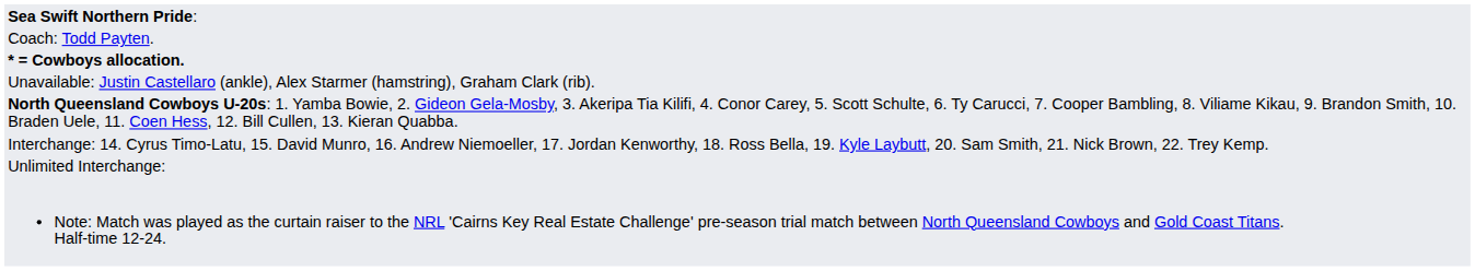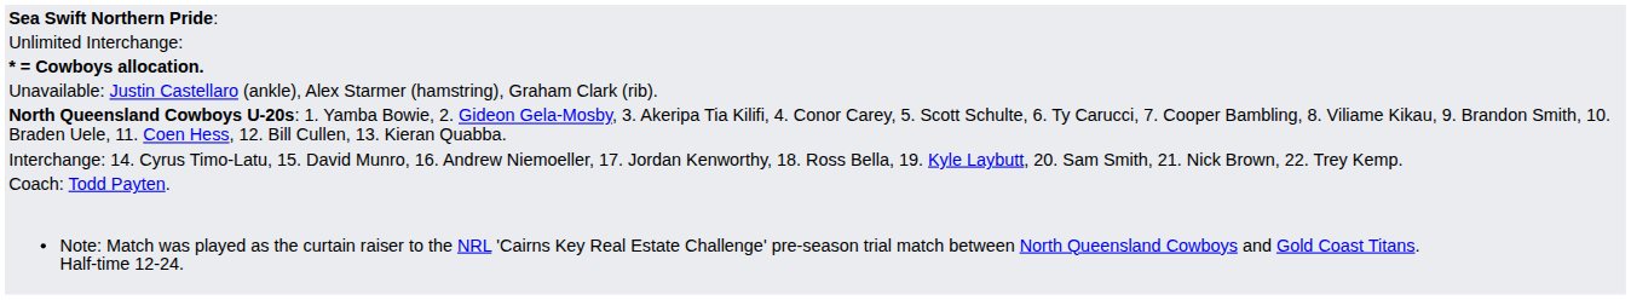 <table style="background:#eaecf0; font-size:85%; width:100%;">
 <tr>
 <td><strong>Sea Swift Northern Pride</strong>:             </td>
 </tr>
 <tr>
-<td>Coach: <a href='#'>Todd Payten</a>.</td>
+<td>Unlimited Interchange:      </td>
 </tr>
 <tr>
 <td><strong>* = Cowboys allocation.</strong></td>
 </tr>
 <tr>
 <td>Unavailable: <a href='#'>Justin Castellaro</a> (ankle), Alex Starmer (hamstring), Graham Clark (rib).</td>
 </tr>
 <tr>
 <td><strong>North Queensland Cowboys U-20s</strong>: 1. Yamba Bowie, 2. <a href='#'>Gideon Gela-Mosby</a>, 3. Akeripa Tia Kilifi, 4. Conor Carey, 5. Scott Schulte, 6. Ty Carucci, 7. Cooper Bambling, 8. Viliame Kikau, 9. Brandon Smith, 10. Braden Uele, 11. <a href='#'>Coen Hess</a>, 12. Bill Cullen, 13. Kieran Quabba.</td>
 </tr>
 <tr>
 <td>Interchange: 14. Cyrus Timo-Latu, 15. David Munro, 16. Andrew Niemoeller, 17. Jordan Kenworthy, 18. Ross Bella, 19. <a href='#'>Kyle Laybutt</a>, 20. Sam Smith, 21. Nick Brown, 22. Trey Kemp.</td>
 </tr>
 <tr>
-<td>Unlimited Interchange:      </td>
+<td>Coach: <a href='#'>Todd Payten</a>.</td>
 </tr>
 <tr>
 <td><br><ul><li>Note: Match was played as the curtain raiser to the <a href='#'>NRL</a> 'Cairns Key Real Estate Challenge' pre-season trial match between <a href='#'>North Queensland Cowboys</a> and <a href='#'>Gold Coast Titans</a>.<br>Half-time 12-24.</li></ul></td>
 </tr>
 </table>
